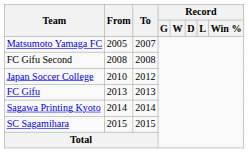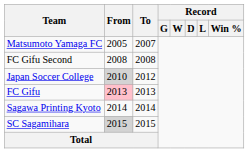 <table class="wikitable" style="text-align: center">
 <tr>
 <th rowspan="2">Team</th>
 <th rowspan="2">From</th>
 <th rowspan="2">To</th>
 <th colspan="5">Record</th>
 </tr>
 <tr>
 <th>G</th>
 <th>W</th>
 <th>D</th>
 <th>L</th>
 <th>Win %</th>
 </tr>
 <tr>
 <td align="left"><a href='#'>Matsumoto Yamaga FC</a></td>
 <td align="left">2005</td>
 <td align="left">2007<br></td>
 </tr>
 <tr>
 <td align="left">FC Gifu Second</td>
 <td align="left">2008</td>
 <td align="left">2008<br></td>
 </tr>
 <tr>
 <td align="left"><a href='#'>Japan Soccer College</a></td>
-<td align="left">2010</td>
+<td align="left" style="background: lightgrey;">2010</td>
 <td align="left">2012<br></td>
 </tr>
 <tr>
 <td align="left"><a href='#'>FC Gifu</a></td>
-<td align="left">2013</td>
+<td align="left" style="background: pink;">2013</td>
 <td align="left">2013<br></td>
 </tr>
 <tr>
 <td align="left"><a href='#'>Sagawa Printing Kyoto</a></td>
 <td align="left">2014</td>
 <td align="left">2014<br></td>
 </tr>
 <tr>
 <td align="left"><a href='#'>SC Sagamihara</a></td>
-<td align="left">2015</td>
+<td align="left" style="background: lightgrey;">2015</td>
 <td align="left">2015<br></td>
 </tr>
 <tr>
 <th colspan="3">Total<br></th>
 </tr>
 </table>
